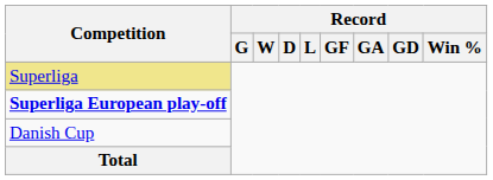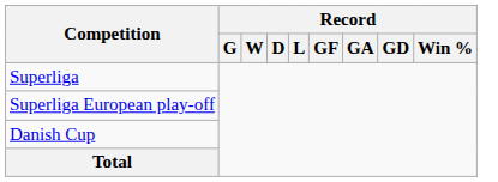 <table class="wikitable" style="text-align: center">
 <tr>
 <th rowspan="2">Competition</th>
 <th colspan="9">Record</th>
 </tr>
 <tr>
 <th>G</th>
 <th>W</th>
 <th>D</th>
 <th>L</th>
 <th>GF</th>
 <th>GA</th>
 <th>GD</th>
 <th>Win %</th>
 </tr>
 <tr>
-<td style="background: khaki; text-align: left"><a href='#'>Superliga</a><br></td>
+<td style="text-align: left"><a href='#'>Superliga</a><br></td>
 </tr>
 <tr>
-<td style="text-align: left"><strong><a href='#'>Superliga European play-off</a><br></strong></td>
+<td style="text-align: left"><a href='#'>Superliga European play-off</a><br></td>
 </tr>
 <tr>
 <td style="text-align: left"><a href='#'>Danish Cup</a><br></td>
 </tr>
 <tr>
 <th>Total<br></th>
 </tr>
 </table>
